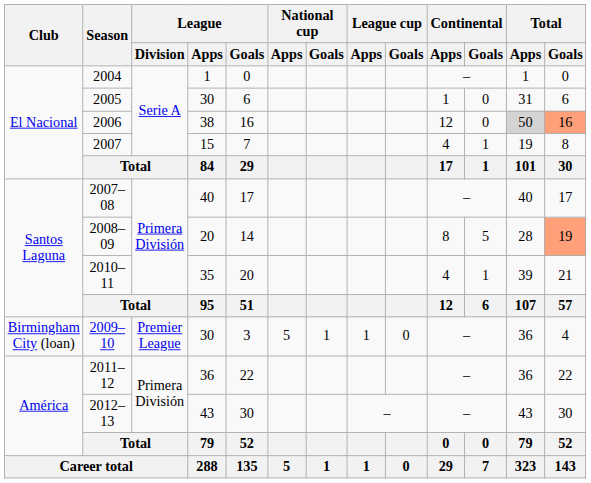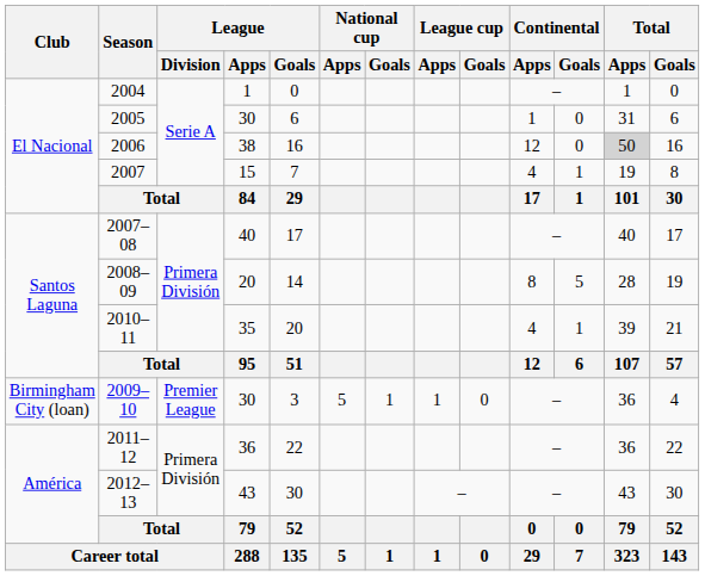 <table class="wikitable" style="text-align:center">
 <tr>
 <th rowspan="2">Club</th>
 <th rowspan="2">Season</th>
 <th colspan="3">League</th>
 <th colspan="2">National cup</th>
 <th colspan="2">League cup</th>
 <th colspan="2">Continental</th>
 <th colspan="2">Total</th>
 </tr>
 <tr>
 <th>Division</th>
 <th>Apps</th>
 <th>Goals</th>
 <th>Apps</th>
 <th>Goals</th>
 <th>Apps</th>
 <th>Goals</th>
 <th>Apps</th>
 <th>Goals</th>
 <th>Apps</th>
 <th>Goals</th>
 </tr>
 <tr>
 <td rowspan="5"><a href='#'>El Nacional</a></td>
 <td>2004</td>
 <td rowspan="4"><a href='#'>Serie A</a></td>
 <td>1</td>
 <td>0</td>
 <td></td>
 <td></td>
 <td></td>
 <td></td>
 <td colspan="2">–</td>
 <td>1</td>
 <td>0</td>
 </tr>
 <tr>
 <td>2005</td>
 <td>30</td>
 <td>6</td>
 <td></td>
 <td></td>
 <td></td>
 <td></td>
 <td>1</td>
 <td>0</td>
 <td>31</td>
 <td>6</td>
 </tr>
 <tr>
 <td>2006</td>
 <td>38</td>
 <td>16</td>
 <td></td>
 <td></td>
 <td></td>
 <td></td>
 <td>12</td>
 <td>0</td>
 <td style="background: lightgrey;">50</td>
-<td style="background: lightsalmon;">16</td>
+<td>16</td>
 </tr>
 <tr>
 <td>2007</td>
 <td>15</td>
 <td>7</td>
 <td></td>
 <td></td>
 <td></td>
 <td></td>
 <td>4</td>
 <td>1</td>
 <td>19</td>
 <td>8</td>
 </tr>
 <tr>
 <th colspan="2">Total</th>
 <th>84</th>
 <th>29</th>
 <th></th>
 <th></th>
 <th></th>
 <th></th>
 <th>17</th>
 <th>1</th>
 <th>101</th>
 <th>30</th>
 </tr>
 <tr>
 <td rowspan="4"><a href='#'>Santos Laguna</a></td>
 <td>2007–08</td>
 <td rowspan="3"><a href='#'>Primera División</a></td>
 <td>40</td>
 <td>17</td>
 <td></td>
 <td></td>
 <td></td>
 <td></td>
 <td colspan="2">–</td>
 <td>40</td>
 <td>17</td>
 </tr>
 <tr>
 <td>2008–09</td>
 <td>20</td>
 <td>14</td>
 <td></td>
 <td></td>
 <td></td>
 <td></td>
 <td>8</td>
 <td>5</td>
 <td>28</td>
-<td style="background: lightsalmon;">19</td>
+<td>19</td>
 </tr>
 <tr>
 <td>2010–11</td>
 <td>35</td>
 <td>20</td>
 <td></td>
 <td></td>
 <td></td>
 <td></td>
 <td>4</td>
 <td>1</td>
 <td>39</td>
 <td>21</td>
 </tr>
 <tr>
 <th colspan="2">Total</th>
 <th>95</th>
 <th>51</th>
 <th></th>
 <th></th>
 <th></th>
 <th></th>
 <th>12</th>
 <th>6</th>
 <th>107</th>
 <th>57</th>
 </tr>
 <tr>
 <td><a href='#'>Birmingham City</a> (loan)</td>
 <td><a href='#'>2009–10</a></td>
 <td><a href='#'>Premier League</a></td>
 <td>30</td>
 <td>3</td>
 <td>5</td>
 <td>1</td>
 <td>1</td>
 <td>0</td>
 <td colspan="2">–</td>
 <td>36</td>
 <td>4</td>
 </tr>
 <tr>
 <td rowspan="3"><a href='#'>América</a></td>
 <td>2011–12</td>
 <td rowspan="2">Primera División</td>
 <td>36</td>
 <td>22</td>
 <td></td>
 <td></td>
 <td></td>
 <td></td>
 <td colspan="2">–</td>
 <td>36</td>
 <td>22</td>
 </tr>
 <tr>
 <td>2012–13</td>
 <td>43</td>
 <td>30</td>
 <td></td>
 <td></td>
 <td colspan="2">–</td>
 <td colspan="2">–</td>
 <td>43</td>
 <td>30</td>
 </tr>
 <tr>
 <th colspan="2">Total</th>
 <th>79</th>
 <th>52</th>
 <th></th>
 <th></th>
 <th></th>
 <th></th>
 <th>0</th>
 <th>0</th>
 <th>79</th>
 <th>52</th>
 </tr>
 <tr>
 <th colspan="3">Career total</th>
 <th>288</th>
 <th>135</th>
 <th>5</th>
 <th>1</th>
 <th>1</th>
 <th>0</th>
 <th>29</th>
 <th>7</th>
 <th>323</th>
 <th>143</th>
 </tr>
 </table>
